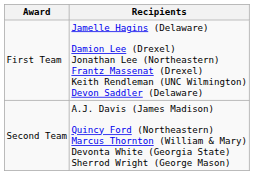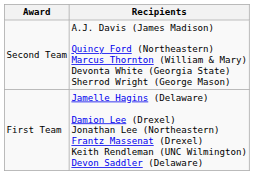 <table class="wikitable" style="white-space:nowrap; font-size:90%;">
 <tr>
 <th>Award</th>
 <th>Recipients</th>
 </tr>
 <tr>
+<td>Second Team</td>
+<td>A.J. Davis (James Madison)<br><br><a href='#'>Quincy Ford</a> (Northeastern)<br> <a href='#'>Marcus Thornton</a> (William & Mary)<br> Devonta White (Georgia State)<br> Sherrod Wright (George Mason)</td>
+</tr>
+<tr>
 <td>First Team</td>
 <td><a href='#'>Jamelle Hagins</a> (Delaware)<br><br><a href='#'>Damion Lee</a> (Drexel)<br> Jonathan Lee (Northeastern)<br> <a href='#'>Frantz Massenat</a> (Drexel)<br> Keith Rendleman (UNC Wilmington)<br> <a href='#'>Devon Saddler</a> (Delaware)<br></td>
 </tr>
-<tr>
-<td>Second Team</td>
-<td>A.J. Davis (James Madison)<br><br><a href='#'>Quincy Ford</a> (Northeastern)<br> <a href='#'>Marcus Thornton</a> (William & Mary)<br> Devonta White (Georgia State)<br> Sherrod Wright (George Mason)</td>
-</tr>
 </table>
